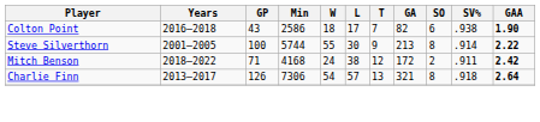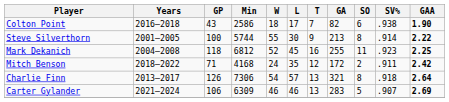 <table class="wikitable sortable" width ="700">
 <tr>
 <th>Player</th>
 <th>Years</th>
 <th>GP</th>
 <th>Min</th>
 <th>W</th>
 <th>L</th>
 <th>T</th>
 <th>GA</th>
 <th>SO</th>
 <th>SV%</th>
 <th>GAA</th>
 </tr>
 <tr>
 <td><a href='#'>Colton Point</a></td>
 <td>2016–2018</td>
 <td>43</td>
 <td>2586</td>
 <td>18</td>
 <td>17</td>
 <td>7</td>
 <td>82</td>
 <td>6</td>
 <td>.938</td>
 <td><strong>1.90</strong></td>
 </tr>
 <tr>
 <td><a href='#'>Steve Silverthorn</a></td>
 <td>2001–2005</td>
 <td>100</td>
 <td>5744</td>
 <td>55</td>
 <td>30</td>
 <td>9</td>
 <td>213</td>
 <td>8</td>
 <td>.914</td>
 <td><strong>2.22</strong></td>
 </tr>
 <tr>
+<td><a href='#'>Mark Dekanich</a></td>
+<td>2004–2008</td>
+<td>118</td>
+<td>6812</td>
+<td>52</td>
+<td>45</td>
+<td>16</td>
+<td>255</td>
+<td>11</td>
+<td>.923</td>
+<td><strong>2.25</strong></td>
+</tr>
+<tr>
 <td><a href='#'>Mitch Benson</a></td>
 <td>2018–2022</td>
 <td>71</td>
 <td>4168</td>
 <td>24</td>
-<td>38</td>
+<td>35</td>
 <td>12</td>
 <td>172</td>
 <td>2</td>
 <td>.911</td>
 <td><strong>2.42</strong></td>
 </tr>
 <tr>
 <td><a href='#'>Charlie Finn</a></td>
 <td>2013–2017</td>
 <td>126</td>
 <td>7306</td>
 <td>54</td>
 <td>57</td>
 <td>13</td>
 <td>321</td>
 <td>8</td>
 <td>.918</td>
 <td><strong>2.64</strong></td>
 </tr>
 <tr>
+<td><a href='#'>Carter Gylander</a></td>
+<td>2021–2024</td>
+<td>106</td>
+<td>6309</td>
+<td>46</td>
+<td>46</td>
+<td>13</td>
+<td>283</td>
+<td>5</td>
+<td>.907</td>
+<td><strong>2.69</strong></td>
+</tr>
+<tr>
 </tr>
 </table>
